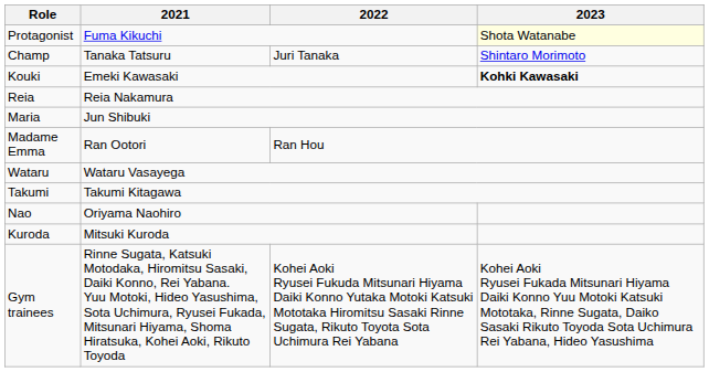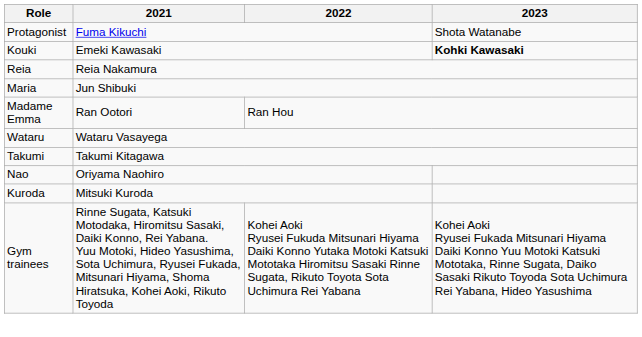 <table class="wikitable">
 <tr>
 <th>Role</th>
 <th>2021</th>
 <th>2022</th>
 <th>2023</th>
 </tr>
 <tr>
 <td>Protagonist</td>
 <td colspan="2"><a href='#'>Fuma Kikuchi</a></td>
-<td style="background: lightyellow;">Shota Watanabe</td>
-</tr>
-<tr>
-<td>Champ</td>
-<td>Tanaka Tatsuru</td>
-<td>Juri Tanaka</td>
-<td><a href='#'>Shintaro Morimoto</a></td>
+<td>Shota Watanabe</td>
 </tr>
 <tr>
 <td>Kouki</td>
 <td colspan="2">Emeki Kawasaki</td>
 <td><strong>Kohki Kawasaki</strong></td>
 </tr>
 <tr>
 <td>Reia</td>
 <td colspan="3">Reia Nakamura</td>
 </tr>
 <tr>
 <td>Maria</td>
 <td colspan="3">Jun Shibuki</td>
 </tr>
 <tr>
 <td>Madame Emma</td>
 <td>Ran Ootori</td>
 <td colspan="2">Ran Hou</td>
 </tr>
 <tr>
 <td>Wataru</td>
 <td colspan="3">Wataru Vasayega</td>
 </tr>
 <tr>
 <td>Takumi</td>
 <td colspan="3">Takumi Kitagawa</td>
 </tr>
 <tr>
 <td>Nao</td>
 <td colspan="2">Oriyama Naohiro</td>
 <td></td>
 </tr>
 <tr>
 <td>Kuroda</td>
 <td colspan="2">Mitsuki Kuroda</td>
 <td></td>
 </tr>
 <tr>
 <td>Gym trainees</td>
 <td>Rinne Sugata, Katsuki Motodaka, Hiromitsu Sasaki, Daiki Konno, Rei Yabana.<br>Yuu Motoki, Hideo Yasushima, Sota Uchimura, Ryusei Fukada, Mitsunari Hiyama, Shoma Hiratsuka, Kohei Aoki, Rikuto Toyoda</td>
 <td>Kohei Aoki<br>Ryusei Fukuda Mitsunari Hiyama Daiki Konno Yutaka Motoki Katsuki Mototaka Hiromitsu Sasaki Rinne Sugata,  Rikuto Toyota Sota Uchimura Rei Yabana</td>
 <td>Kohei Aoki<br>Ryusei Fukada Mitsunari Hiyama Daiki Konno Yuu Motoki Katsuki Mototaka,  Rinne Sugata,  Daiko Sasaki Rikuto Toyoda Sota Uchimura Rei Yabana,  Hideo Yasushima</td>
 </tr>
 </table>
